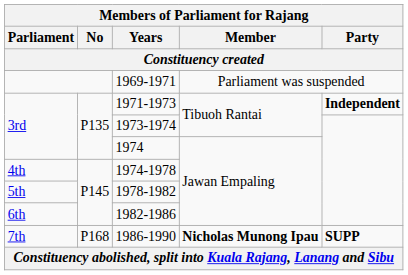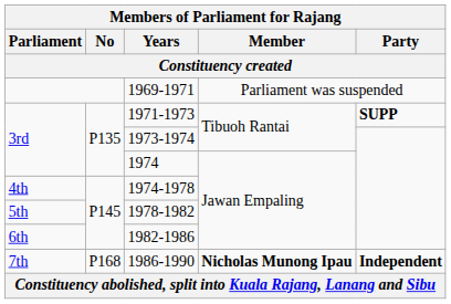 <table class=wikitable>
 <tr>
 <th colspan="5">Members of Parliament for Rajang</th>
 </tr>
 <tr>
 <th>Parliament</th>
 <th>No</th>
 <th>Years</th>
 <th>Member</th>
 <th>Party</th>
 </tr>
 <tr>
 <th colspan="5" align="center"><em>Constituency created</em></th>
 </tr>
 <tr>
 <td colspan="2"></td>
 <td>1969-1971</td>
 <td colspan=2 align=center>Parliament was suspended</td>
 </tr>
 <tr>
 <td rowspan=3><a href='#'>3rd</a></td>
 <td rowspan="3">P135</td>
 <td>1971-1973</td>
 <td rowspan=2>Tibuoh Rantai</td>
-<td><strong>Independent</strong></td>
+<td><strong>SUPP</strong></td>
 </tr>
 <tr>
 <td>1973-1974</td>
 <td rowspan=5></td>
 </tr>
 <tr>
 <td>1974</td>
 <td rowspan=4>Jawan Empaling</td>
 </tr>
 <tr>
 <td><a href='#'>4th</a></td>
 <td rowspan="3">P145</td>
 <td>1974-1978</td>
 </tr>
 <tr>
 <td><a href='#'>5th</a></td>
 <td>1978-1982</td>
 </tr>
 <tr>
 <td><a href='#'>6th</a></td>
 <td>1982-1986</td>
 </tr>
 <tr>
 <td><a href='#'>7th</a></td>
 <td>P168</td>
 <td>1986-1990</td>
 <td><strong>Nicholas Munong Ipau</strong></td>
-<td><strong>SUPP</strong></td>
+<td><strong>Independent</strong></td>
 </tr>
 <tr>
 <th colspan="5" align="center"><em>Constituency abolished, split into <a href='#'>Kuala Rajang</a>, <a href='#'>Lanang</a> and <a href='#'>Sibu</a></em></th>
 </tr>
 </table>
